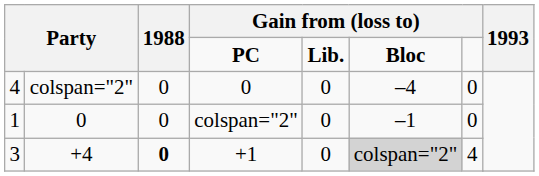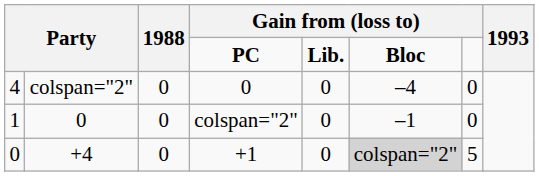 <table class="wikitable"  style="text-align:center;">
 <tr>
 <th rowspan="2" colspan="2">Party</th>
 <th rowspan="2">1988</th>
 <th colspan="6">Gain from (loss to)</th>
 <th rowspan="2">1993</th>
 </tr>
 <tr>
 <td><strong>PC</strong></td>
 <td><strong>Lib.</strong></td>
 <td><strong>Bloc</strong></td>
 </tr>
 <tr>
 <td>4</td>
 <td>colspan="2" </td>
 <td>0</td>
 <td>0</td>
 <td>0</td>
 <td>–4</td>
 <td>0</td>
 </tr>
 <tr>
 <td>1</td>
 <td>0</td>
 <td>0</td>
 <td>colspan="2" </td>
 <td>0</td>
 <td>–1</td>
 <td>0</td>
 </tr>
 <tr>
-<td>3</td>
+<td>0</td>
 <td>+4</td>
-<td><strong>0</strong></td>
+<td>0</td>
 <td>+1</td>
 <td>0</td>
 <td style="background: lightgrey;">colspan="2" </td>
-<td>4</td>
+<td>5</td>
 </tr>
 </table>
